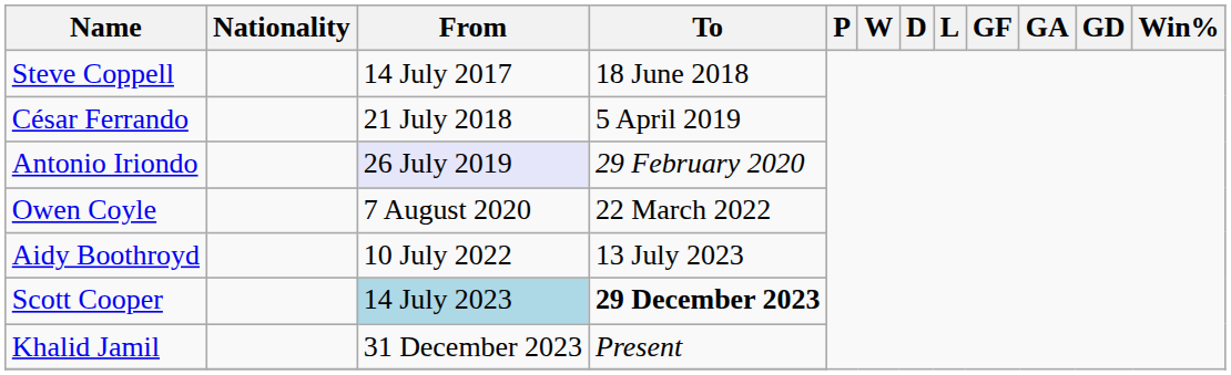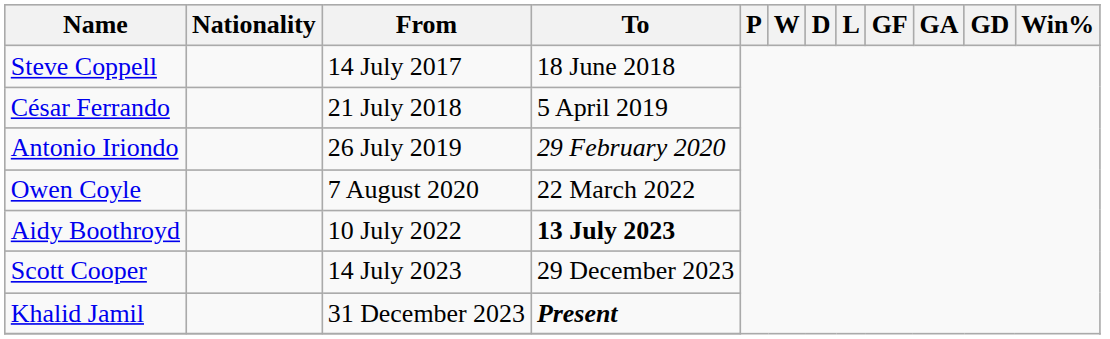 <table class="wikitable plainrowheaders sortable" style="text-align:center">
 <tr>
 <th>Name</th>
 <th>Nationality</th>
 <th>From</th>
 <th class="unsortable">To</th>
 <th>P</th>
 <th>W</th>
 <th>D</th>
 <th>L</th>
 <th>GF</th>
 <th>GA</th>
 <th>GD</th>
 <th>Win%</th>
 </tr>
 <tr>
 <td scope=row style=text-align:left><a href='#'>Steve Coppell</a></td>
 <td align=left></td>
 <td align=left>14 July 2017</td>
 <td align=left>18 June 2018<br></td>
 </tr>
 <tr>
 <td scope=row style=text-align:left><a href='#'>César Ferrando</a></td>
 <td align=left></td>
 <td align=left>21 July 2018</td>
 <td align=left>5 April 2019<br></td>
 </tr>
 <tr>
 <td scope=row style=text-align:left><a href='#'>Antonio Iriondo</a></td>
 <td align=left></td>
-<td align=left style="background: lavender;">26 July 2019</td>
+<td align=left>26 July 2019</td>
 <td align=left><em>29 February 2020 </em><br></td>
 </tr>
 <tr>
 <td scope=row style=text-align:left><a href='#'>Owen Coyle</a></td>
 <td align=left></td>
 <td align=left>7 August 2020</td>
 <td align=left>22 March 2022<br></td>
 </tr>
 <tr>
 <td scope=row style=text-align:left><a href='#'>Aidy Boothroyd</a></td>
 <td align=left></td>
 <td align=left>10 July 2022</td>
-<td align=left>13 July 2023<br></td>
+<td align=left><strong>13 July 2023<br></strong></td>
 </tr>
 <tr>
 <td scope=row style=text-align:left><a href='#'>Scott Cooper</a></td>
 <td align=left></td>
-<td align=left style="background: lightblue;">14 July 2023</td>
-<td align=left><strong>29 December 2023<br></strong></td>
+<td align=left>14 July 2023</td>
+<td align=left>29 December 2023<br></td>
 </tr>
 <tr>
 <td scope=row style=text-align:left><a href='#'>Khalid Jamil</a></td>
 <td align=left></td>
 <td align=left>31 December 2023</td>
-<td align=left><em>Present</em><br></td>
+<td align=left><strong><em>Present</em><br></strong></td>
 </tr>
 <tr>
 </tr>
 </table>
